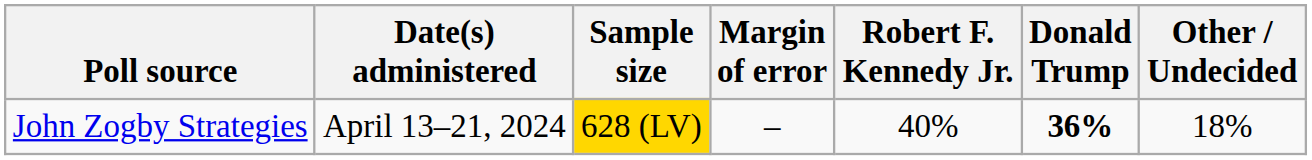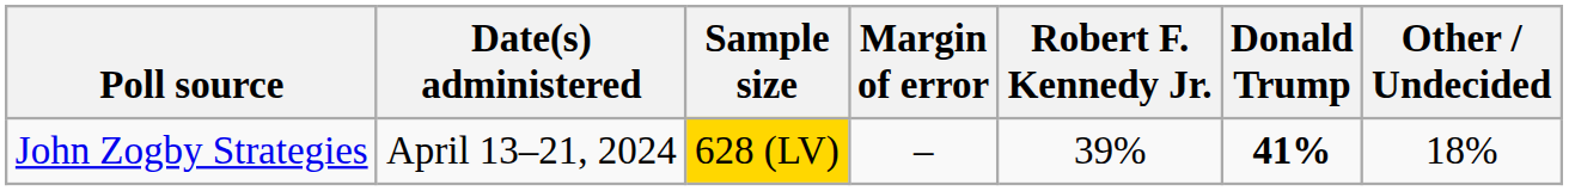 <table class="wikitable sortable mw-datatable" style="font-size:90%;text-align:center;line-height:17px">
 <tr valign=bottom>
 <th>Poll source</th>
 <th>Date(s)<br>administered</th>
 <th>Sample<br>size</th>
 <th>Margin<br>of error</th>
 <th class="unsortable">Robert F.<br>Kennedy Jr.<br></th>
 <th class="unsortable">Donald<br>Trump<br></th>
 <th class="unsortable">Other /<br>Undecided</th>
 </tr>
 <tr>
 <td style="text-align:left;"><a href='#'>John Zogby Strategies</a></td>
 <td data-sort-value="2024-05-01">April 13–21, 2024</td>
 <td style="background: gold;">628 (LV)</td>
 <td>–</td>
-<td>40%</td>
-<td style="background-color:"><strong>36%</strong></td>
+<td>39%</td>
+<td style="background-color:"><strong>41%</strong></td>
 <td>18%</td>
 </tr>
 </table>
